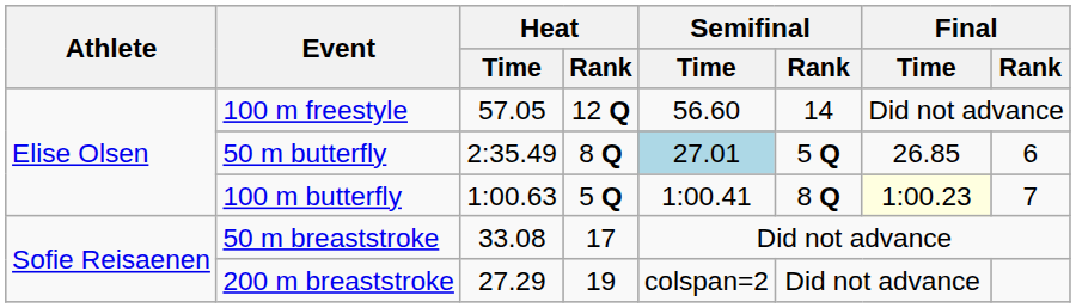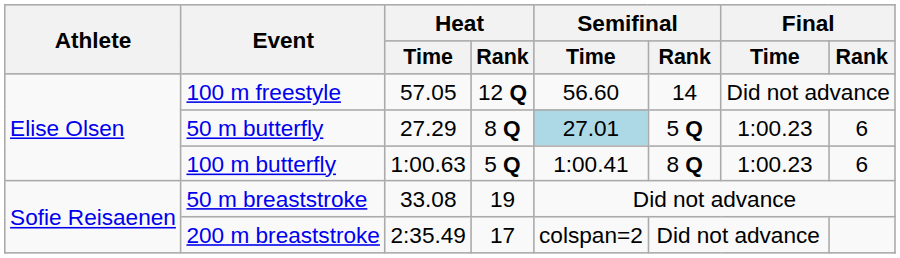 <table class=wikitable style="font-size:90%">
 <tr>
 <th rowspan=2>Athlete</th>
 <th rowspan=2>Event</th>
 <th colspan="2">Heat</th>
 <th colspan="2">Semifinal</th>
 <th colspan="2">Final</th>
 </tr>
 <tr style="font-size:95%">
 <th>Time</th>
 <th>Rank</th>
 <th>Time</th>
 <th>Rank</th>
 <th>Time</th>
 <th>Rank</th>
 </tr>
 <tr align=center>
 <td align=left rowspan=3><a href='#'>Elise Olsen</a></td>
 <td align=left><a href='#'>100 m freestyle</a></td>
 <td>57.05</td>
 <td>12 <strong>Q</strong></td>
 <td>56.60</td>
 <td>14</td>
 <td colspan=2>Did not advance</td>
 </tr>
 <tr align=center>
 <td align=left><a href='#'>50 m butterfly</a></td>
-<td>2:35.49</td>
+<td>27.29</td>
 <td>8 <strong>Q</strong></td>
 <td style="background: lightblue;">27.01</td>
 <td>5 <strong>Q</strong></td>
-<td>26.85</td>
+<td>1:00.23</td>
 <td>6</td>
 </tr>
 <tr align=center>
 <td align=left><a href='#'>100 m butterfly</a></td>
 <td>1:00.63</td>
 <td>5 <strong>Q	</strong></td>
 <td>1:00.41</td>
 <td>8 <strong>Q</strong></td>
-<td style="background: lightyellow;">1:00.23</td>
-<td>7</td>
+<td>1:00.23</td>
+<td>6</td>
 </tr>
 <tr align=center>
 <td align=left rowspan=2><a href='#'>Sofie Reisaenen</a></td>
 <td align=left><a href='#'>50 m breaststroke</a></td>
 <td>33.08</td>
-<td>17</td>
+<td>19</td>
 <td colspan=4>Did not advance</td>
 </tr>
 <tr align=center>
 <td align=left><a href='#'>200 m breaststroke</a></td>
-<td>27.29</td>
-<td>19</td>
+<td>2:35.49</td>
+<td>17</td>
 <td>colspan=2 </td>
 <td colspan=2>Did not advance</td>
 </tr>
 </table>
